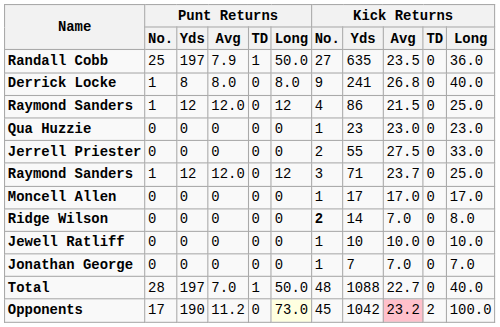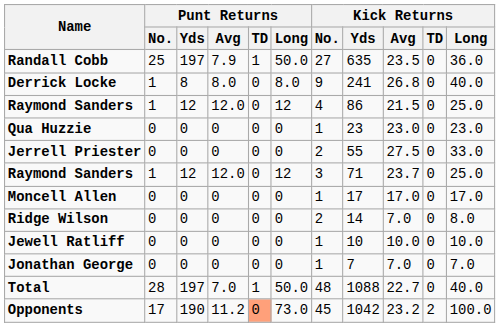 <table class="wikitable sortable" border="1">
 <tr>
 <th rowspan="2">Name</th>
 <th colspan="5">Punt Returns</th>
 <th colspan="5">Kick Returns</th>
 </tr>
 <tr>
 <th>No.</th>
 <th>Yds</th>
 <th>Avg</th>
 <th>TD</th>
 <th>Long</th>
 <th>No.</th>
 <th>Yds</th>
 <th>Avg</th>
 <th>TD</th>
 <th>Long</th>
 </tr>
 <tr>
 <td><strong>Randall Cobb</strong></td>
 <td>25</td>
 <td>197</td>
 <td>7.9</td>
 <td>1</td>
 <td>50.0</td>
 <td>27</td>
 <td>635</td>
 <td>23.5</td>
 <td>0</td>
 <td>36.0</td>
 </tr>
 <tr>
 <td><strong>Derrick Locke</strong></td>
 <td>1</td>
 <td>8</td>
 <td>8.0</td>
 <td>0</td>
 <td>8.0</td>
 <td>9</td>
 <td>241</td>
 <td>26.8</td>
 <td>0</td>
 <td>40.0</td>
 </tr>
 <tr>
 <td><strong>Raymond Sanders</strong></td>
 <td>1</td>
 <td>12</td>
 <td>12.0</td>
 <td>0</td>
 <td>12</td>
 <td>4</td>
 <td>86</td>
 <td>21.5</td>
 <td>0</td>
 <td>25.0</td>
 </tr>
 <tr>
 <td><strong>Qua Huzzie</strong></td>
 <td>0</td>
 <td>0</td>
 <td>0</td>
 <td>0</td>
 <td>0</td>
 <td>1</td>
 <td>23</td>
 <td>23.0</td>
 <td>0</td>
 <td>23.0</td>
 </tr>
 <tr>
 <td><strong>Jerrell Priester</strong></td>
 <td>0</td>
 <td>0</td>
 <td>0</td>
 <td>0</td>
 <td>0</td>
 <td>2</td>
 <td>55</td>
 <td>27.5</td>
 <td>0</td>
 <td>33.0</td>
 </tr>
 <tr>
 <td><strong>Raymond Sanders</strong></td>
 <td>1</td>
 <td>12</td>
 <td>12.0</td>
 <td>0</td>
 <td>12</td>
 <td>3</td>
 <td>71</td>
 <td>23.7</td>
 <td>0</td>
 <td>25.0</td>
 </tr>
 <tr>
 <td><strong>Moncell Allen</strong></td>
 <td>0</td>
 <td>0</td>
 <td>0</td>
 <td>0</td>
 <td>0</td>
 <td>1</td>
 <td>17</td>
 <td>17.0</td>
 <td>0</td>
 <td>17.0</td>
 </tr>
 <tr>
 <td><strong>Ridge Wilson</strong></td>
 <td>0</td>
 <td>0</td>
 <td>0</td>
 <td>0</td>
 <td>0</td>
-<td><strong>2</strong></td>
+<td>2</td>
 <td>14</td>
 <td>7.0</td>
 <td>0</td>
 <td>8.0</td>
 </tr>
 <tr>
 <td><strong>Jewell Ratliff</strong></td>
 <td>0</td>
 <td>0</td>
 <td>0</td>
 <td>0</td>
 <td>0</td>
 <td>1</td>
 <td>10</td>
 <td>10.0</td>
 <td>0</td>
 <td>10.0</td>
 </tr>
 <tr>
 <td><strong>Jonathan George</strong></td>
 <td>0</td>
 <td>0</td>
 <td>0</td>
 <td>0</td>
 <td>0</td>
 <td>1</td>
 <td>7</td>
 <td>7.0</td>
 <td>0</td>
 <td>7.0</td>
 </tr>
 <tr>
 <td><strong>Total</strong></td>
 <td>28</td>
 <td>197</td>
 <td>7.0</td>
 <td>1</td>
 <td>50.0</td>
 <td>48</td>
 <td>1088</td>
 <td>22.7</td>
 <td>0</td>
 <td>40.0</td>
 </tr>
 <tr>
 <td><strong>Opponents</strong></td>
 <td>17</td>
 <td>190</td>
 <td>11.2</td>
-<td>0</td>
-<td style="background: lightyellow;">73.0</td>
+<td style="background: lightsalmon;">0</td>
+<td>73.0</td>
 <td>45</td>
 <td>1042</td>
-<td style="background: pink;">23.2</td>
+<td>23.2</td>
 <td>2</td>
 <td>100.0</td>
 </tr>
 </table>
